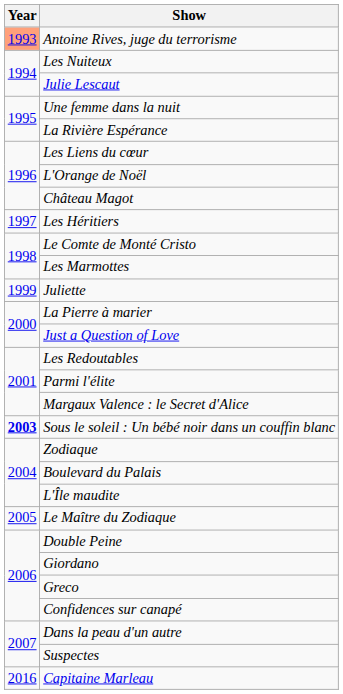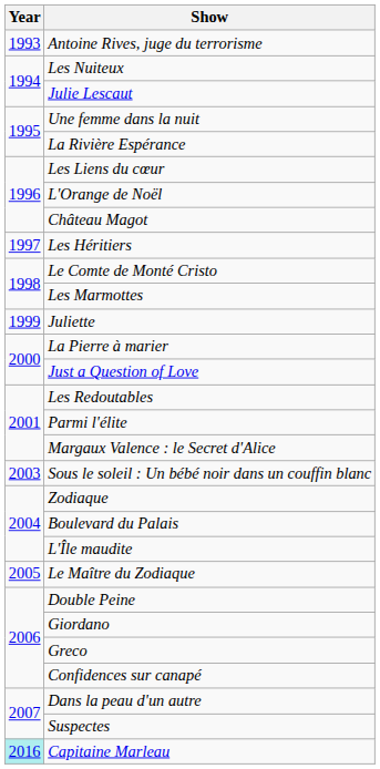 <table class="wikitable" border=1>
 <tr>
 <th>Year</th>
 <th>Show</th>
 </tr>
 <tr>
-<td style="background: lightsalmon;"><a href='#'>1993</a></td>
+<td><a href='#'>1993</a></td>
 <td><em>Antoine Rives, juge du terrorisme</em></td>
 </tr>
 <tr>
 <td rowspan=2><a href='#'>1994</a></td>
 <td><em>Les Nuiteux</em></td>
 </tr>
 <tr>
 <td><em><a href='#'>Julie Lescaut</a></em></td>
 </tr>
 <tr>
 <td rowspan=2><a href='#'>1995</a></td>
 <td><em>Une femme dans la nuit</em></td>
 </tr>
 <tr>
 <td><em>La Rivière Espérance</em></td>
 </tr>
 <tr>
 <td rowspan=3><a href='#'>1996</a></td>
 <td><em>Les Liens du cœur</em></td>
 </tr>
 <tr>
 <td><em>L'Orange de Noël</em></td>
 </tr>
 <tr>
 <td><em>Château Magot</em></td>
 </tr>
 <tr>
 <td><a href='#'>1997</a></td>
 <td><em>Les Héritiers</em></td>
 </tr>
 <tr>
 <td rowspan=2><a href='#'>1998</a></td>
 <td><em>Le Comte de Monté Cristo</em></td>
 </tr>
 <tr>
 <td><em>Les Marmottes</em></td>
 </tr>
 <tr>
 <td><a href='#'>1999</a></td>
 <td><em>Juliette</em></td>
 </tr>
 <tr>
 <td rowspan=2><a href='#'>2000</a></td>
 <td><em>La Pierre à marier</em></td>
 </tr>
 <tr>
 <td><em><a href='#'>Just a Question of Love</a></em></td>
 </tr>
 <tr>
 <td rowspan=3><a href='#'>2001</a></td>
 <td><em>Les Redoutables</em></td>
 </tr>
 <tr>
 <td><em>Parmi l'élite</em></td>
 </tr>
 <tr>
 <td><em>Margaux Valence : le Secret d'Alice</em></td>
 </tr>
 <tr>
-<td><strong><a href='#'>2003</a></strong></td>
+<td><a href='#'>2003</a></td>
 <td><em>Sous le soleil : Un bébé noir dans un couffin blanc</em></td>
 </tr>
 <tr>
 <td rowspan=3><a href='#'>2004</a></td>
 <td><em>Zodiaque</em></td>
 </tr>
 <tr>
 <td><em>Boulevard du Palais</em></td>
 </tr>
 <tr>
 <td><em>L'Île maudite</em></td>
 </tr>
 <tr>
 <td><a href='#'>2005</a></td>
 <td><em>Le Maître du Zodiaque</em></td>
 </tr>
 <tr>
 <td rowspan=4><a href='#'>2006</a></td>
 <td><em>Double Peine</em></td>
 </tr>
 <tr>
 <td><em>Giordano</em></td>
 </tr>
 <tr>
 <td><em>Greco</em></td>
 </tr>
 <tr>
 <td><em>Confidences sur canapé</em></td>
 </tr>
 <tr>
 <td rowspan= 2><a href='#'>2007</a></td>
 <td><em>Dans la peau d'un autre</em></td>
 </tr>
 <tr>
 <td><em>Suspectes</em></td>
 </tr>
 <tr>
-<td><a href='#'>2016</a></td>
+<td style="background: paleturquoise;"><a href='#'>2016</a></td>
 <td><em><a href='#'>Capitaine Marleau</a></em></td>
 </tr>
 </table>
